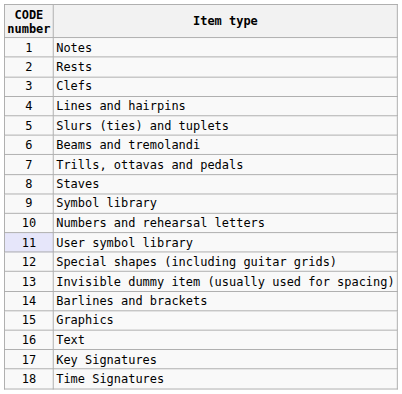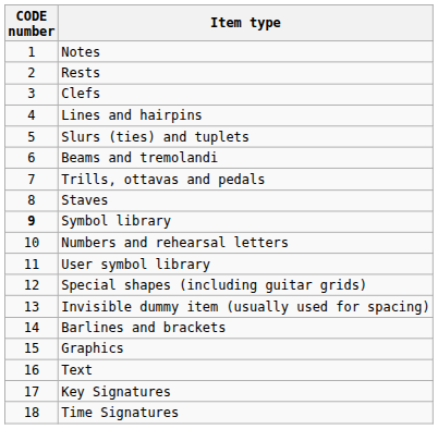 <table class="wikitable" style="text-align: left">
 <tr>
 <th>CODE<br>number</th>
 <th>Item type</th>
 </tr>
 <tr>
 <td style="text-align: center">1</td>
 <td>Notes</td>
 </tr>
 <tr>
 <td style="text-align: center">2</td>
 <td>Rests</td>
 </tr>
 <tr>
 <td style="text-align: center">3</td>
 <td>Clefs</td>
 </tr>
 <tr>
 <td style="text-align: center">4</td>
 <td>Lines and hairpins</td>
 </tr>
 <tr>
 <td style="text-align: center">5</td>
 <td>Slurs (ties) and tuplets</td>
 </tr>
 <tr>
 <td style="text-align: center">6</td>
 <td>Beams and tremolandi</td>
 </tr>
 <tr>
 <td style="text-align: center">7</td>
 <td>Trills, ottavas and pedals</td>
 </tr>
 <tr>
 <td style="text-align: center">8</td>
 <td>Staves</td>
 </tr>
 <tr>
-<td style="text-align: center">9</td>
+<td style="text-align: center"><strong>9</strong></td>
 <td>Symbol library</td>
 </tr>
 <tr>
 <td style="text-align: center">10</td>
 <td>Numbers and rehearsal letters</td>
 </tr>
 <tr>
-<td style="background: lavender; text-align: center">11</td>
+<td style="text-align: center">11</td>
 <td>User symbol library</td>
 </tr>
 <tr>
 <td style="text-align: center">12</td>
 <td>Special shapes (including guitar grids)</td>
 </tr>
 <tr>
 <td style="text-align: center">13</td>
 <td>Invisible dummy item (usually used for spacing)</td>
 </tr>
 <tr>
 <td style="text-align: center">14</td>
 <td>Barlines and brackets</td>
 </tr>
 <tr>
 <td style="text-align: center">15</td>
 <td>Graphics</td>
 </tr>
 <tr>
 <td style="text-align: center">16</td>
 <td>Text</td>
 </tr>
 <tr>
 <td style="text-align: center">17</td>
 <td>Key Signatures</td>
 </tr>
 <tr>
 <td style="text-align: center">18</td>
 <td>Time Signatures</td>
 </tr>
 </table>
